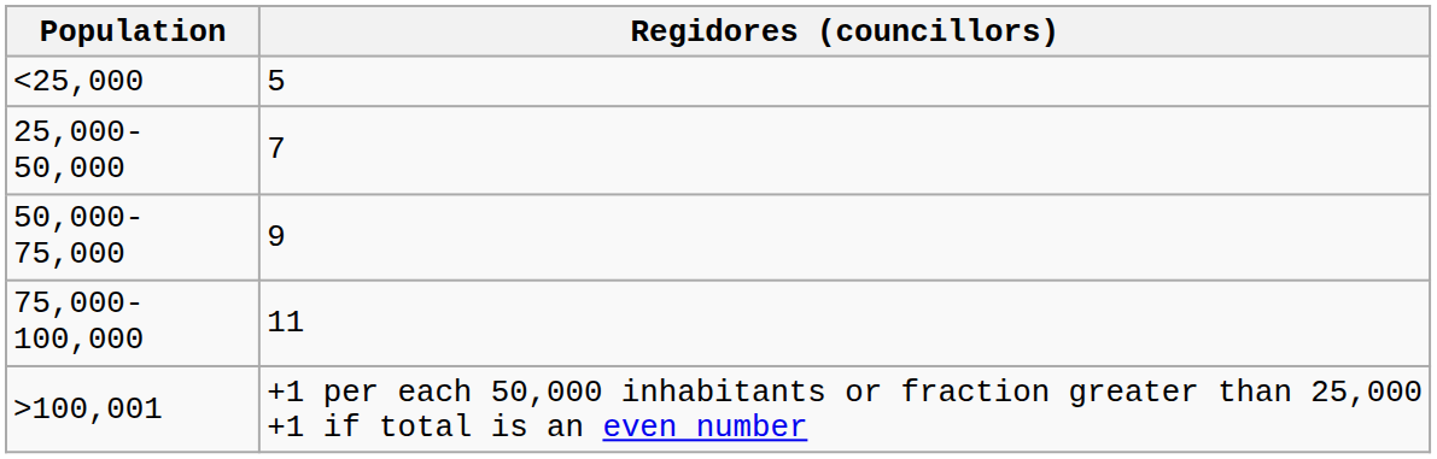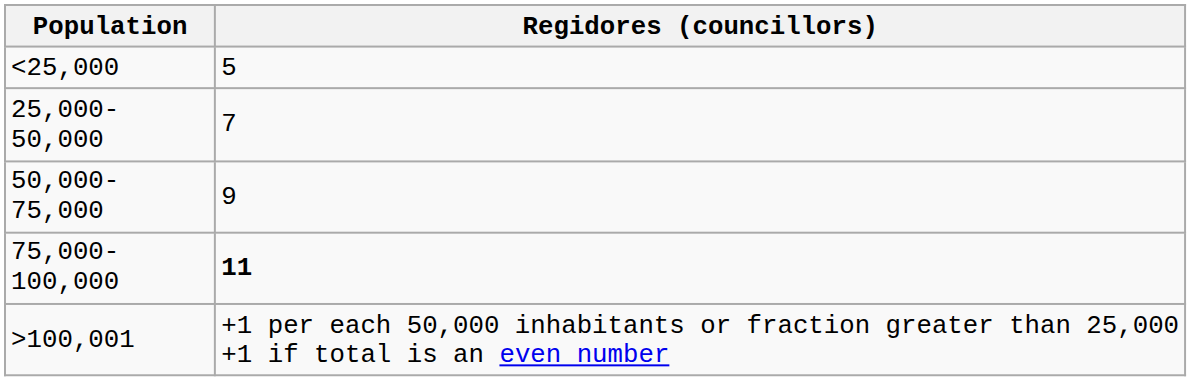 <table class="wikitable" style="text-align:left;">
 <tr>
 <th width="100">Population</th>
 <th>Regidores (councillors)</th>
 </tr>
 <tr>
 <td><25,000</td>
 <td>5</td>
 </tr>
 <tr>
 <td>25,000-50,000</td>
 <td>7</td>
 </tr>
 <tr>
 <td>50,000-75,000</td>
 <td>9</td>
 </tr>
 <tr>
 <td>75,000-100,000</td>
-<td>11</td>
+<td><strong>11</strong></td>
 </tr>
 <tr>
 <td>>100,001</td>
 <td>+1 per each 50,000 inhabitants or fraction greater than 25,000<br>+1 if total is an <a href='#'>even number</a></td>
 </tr>
 </table>
